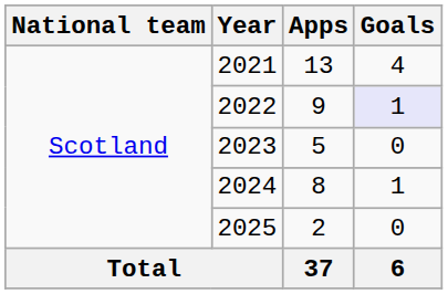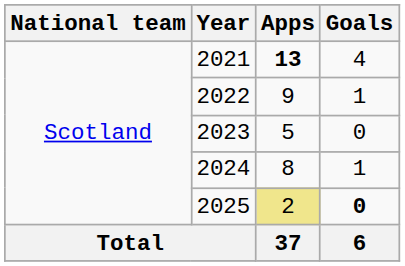 <table class=wikitable style="text-align: center;">
 <tr>
 <th>National team</th>
 <th>Year</th>
 <th>Apps</th>
 <th>Goals</th>
 </tr>
 <tr>
 <td rowspan=5><a href='#'>Scotland</a></td>
 <td>2021</td>
-<td>13</td>
+<td><strong>13</strong></td>
 <td>4</td>
 </tr>
 <tr>
 <td>2022</td>
 <td>9</td>
-<td style="background: lavender;">1</td>
+<td>1</td>
 </tr>
 <tr>
 <td>2023</td>
 <td>5</td>
 <td>0</td>
 </tr>
 <tr>
 <td>2024</td>
 <td>8</td>
 <td>1</td>
 </tr>
 <tr>
 <td>2025</td>
-<td>2</td>
-<td>0</td>
+<td style="background: khaki;">2</td>
+<td><strong>0</strong></td>
 </tr>
 <tr>
 <th colspan=2>Total</th>
 <th>37</th>
 <th>6</th>
 </tr>
 </table>
